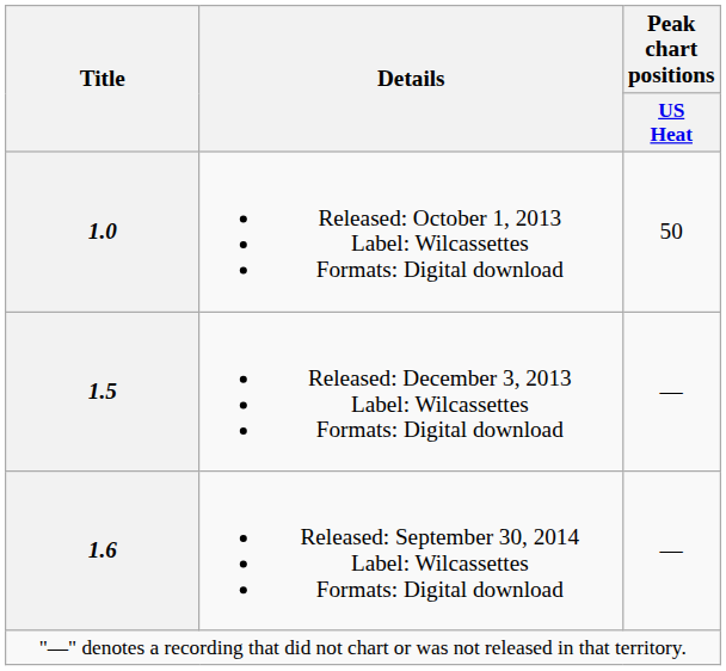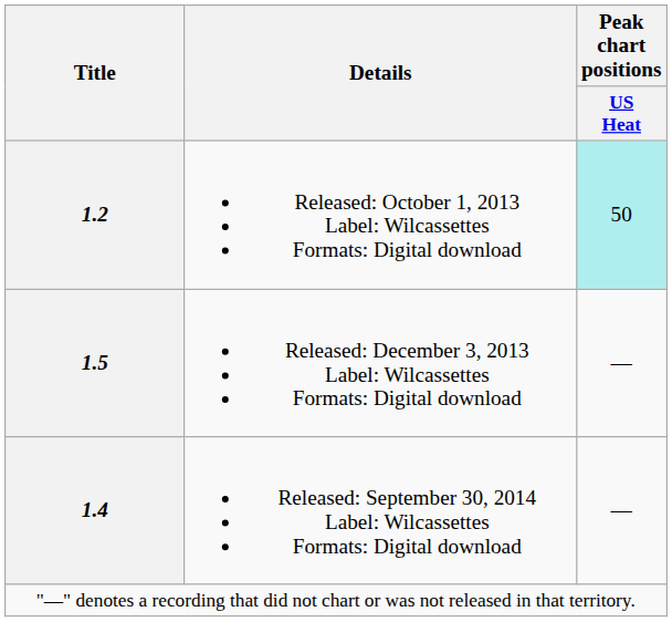 <table class="wikitable plainrowheaders" style="text-align:center;">
 <tr>
 <th scope="col" rowspan="2" style="width:8em;">Title</th>
 <th scope="col" rowspan="2" style="width:18em;">Details</th>
 <th scope="col">Peak chart positions</th>
 </tr>
 <tr>
 <th scope="col" style="width:3em;font-size:90%;"><a href='#'>US<br>Heat</a><br></th>
 </tr>
 <tr>
-<th scope="row"><em>1.0</em></th>
+<th scope="row"><em>1.2</em></th>
 <td><br><ul><li>Released: October 1, 2013</li><li>Label: Wilcassettes</li><li>Formats: Digital download</li></ul></td>
-<td>50</td>
+<td style="background: paleturquoise;">50</td>
 </tr>
 <tr>
 <th scope="row"><em>1.5</em></th>
 <td><br><ul><li>Released: December 3, 2013</li><li>Label: Wilcassettes</li><li>Formats: Digital download</li></ul></td>
 <td>—</td>
 </tr>
 <tr>
-<th scope="row"><em>1.6</em></th>
+<th scope="row"><em>1.4</em></th>
 <td><br><ul><li>Released: September 30, 2014</li><li>Label: Wilcassettes</li><li>Formats: Digital download</li></ul></td>
 <td>—</td>
 </tr>
 <tr>
 <td colspan="3" style="font-size:90%">"—" denotes a recording that did not chart or was not released in that territory.</td>
 </tr>
 </table>
